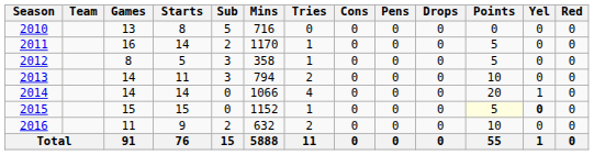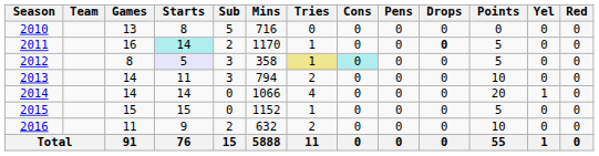 <table class="wikitable" style="text-align:center; line-height:90%; font-size:95%; width:70%;">
 <tr>
 <th>Season</th>
 <th>Team</th>
 <th>Games</th>
 <th>Starts</th>
 <th>Sub</th>
 <th>Mins</th>
 <th>Tries</th>
 <th>Cons</th>
 <th>Pens</th>
 <th>Drops</th>
 <th>Points</th>
 <th>Yel</th>
 <th>Red</th>
 </tr>
 <tr>
 <td><a href='#'>2010</a></td>
 <td></td>
 <td>13</td>
 <td>8</td>
 <td>5</td>
 <td>716</td>
 <td>0</td>
 <td>0</td>
 <td>0</td>
 <td>0</td>
 <td>0</td>
 <td>0</td>
 <td>0</td>
 </tr>
 <tr>
 <td><a href='#'>2011</a></td>
 <td></td>
 <td>16</td>
-<td>14</td>
+<td style="background: paleturquoise;">14</td>
 <td>2</td>
 <td>1170</td>
 <td>1</td>
 <td>0</td>
 <td>0</td>
-<td>0</td>
+<td><strong>0</strong></td>
 <td>5</td>
 <td>0</td>
 <td>0</td>
 </tr>
 <tr>
 <td><a href='#'>2012</a></td>
 <td></td>
 <td>8</td>
-<td>5</td>
+<td style="background: lavender;">5</td>
 <td>3</td>
 <td>358</td>
-<td>1</td>
-<td>0</td>
+<td style="background: khaki;">1</td>
+<td style="background: paleturquoise;">0</td>
 <td>0</td>
 <td>0</td>
 <td>5</td>
 <td>0</td>
 <td>0</td>
 </tr>
 <tr>
 <td><a href='#'>2013</a></td>
 <td></td>
 <td>14</td>
 <td>11</td>
 <td>3</td>
 <td>794</td>
 <td>2</td>
 <td>0</td>
 <td>0</td>
 <td>0</td>
 <td>10</td>
 <td>0</td>
 <td>0</td>
 </tr>
 <tr>
 <td><a href='#'>2014</a></td>
 <td></td>
 <td>14</td>
 <td>14</td>
 <td>0</td>
 <td>1066</td>
 <td>4</td>
 <td>0</td>
 <td>0</td>
 <td>0</td>
 <td>20</td>
 <td>1</td>
 <td>0</td>
 </tr>
 <tr>
 <td><a href='#'>2015</a></td>
 <td></td>
 <td>15</td>
 <td>15</td>
 <td>0</td>
 <td>1152</td>
 <td>1</td>
 <td>0</td>
 <td>0</td>
 <td>0</td>
-<td style="background: lightyellow;">5</td>
-<td><strong>0</strong></td>
+<td>5</td>
+<td>0</td>
 <td>0</td>
 </tr>
 <tr>
 <td><a href='#'>2016</a></td>
 <td></td>
 <td>11</td>
 <td>9</td>
 <td>2</td>
 <td>632</td>
 <td>2</td>
 <td>0</td>
 <td>0</td>
 <td>0</td>
 <td>10</td>
 <td>0</td>
 <td>0</td>
 </tr>
 <tr>
 <th colspan="2">Total</th>
 <th>91</th>
 <th>76</th>
 <th>15</th>
 <th>5888</th>
 <th>11</th>
 <th>0</th>
 <th>0</th>
 <th>0</th>
 <th>55</th>
 <th>1</th>
 <th>0</th>
 </tr>
 </table>
